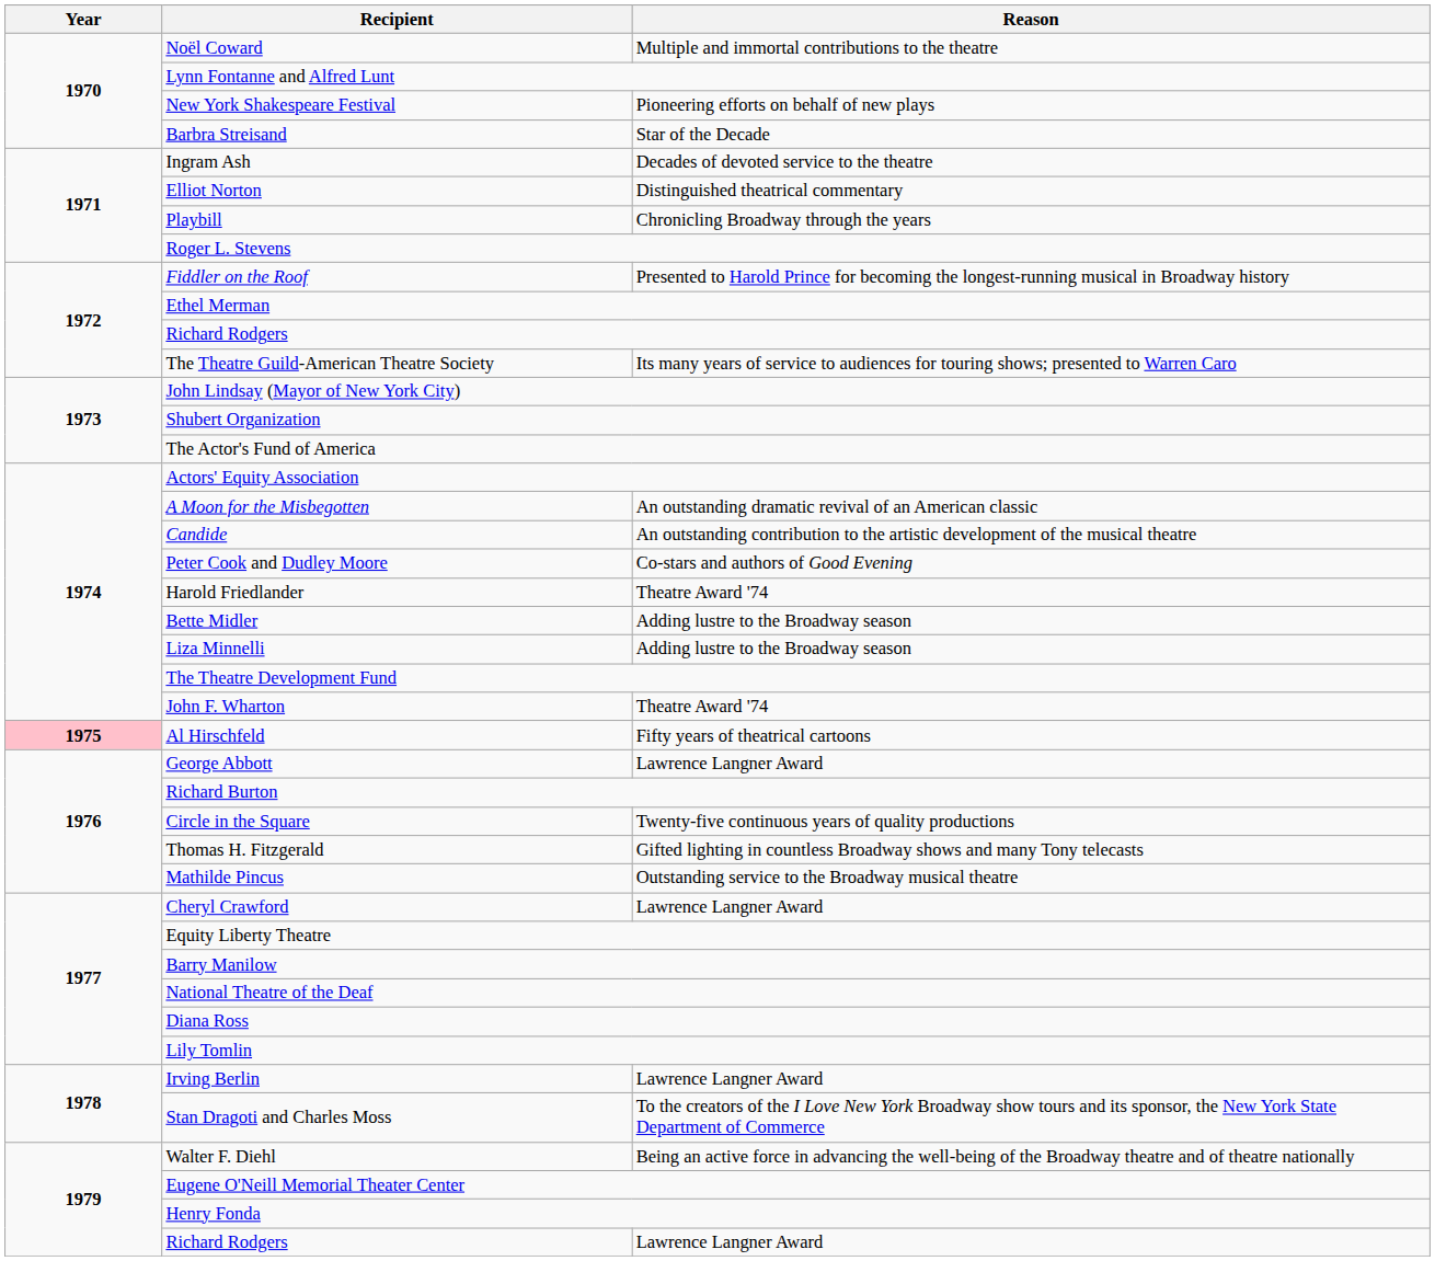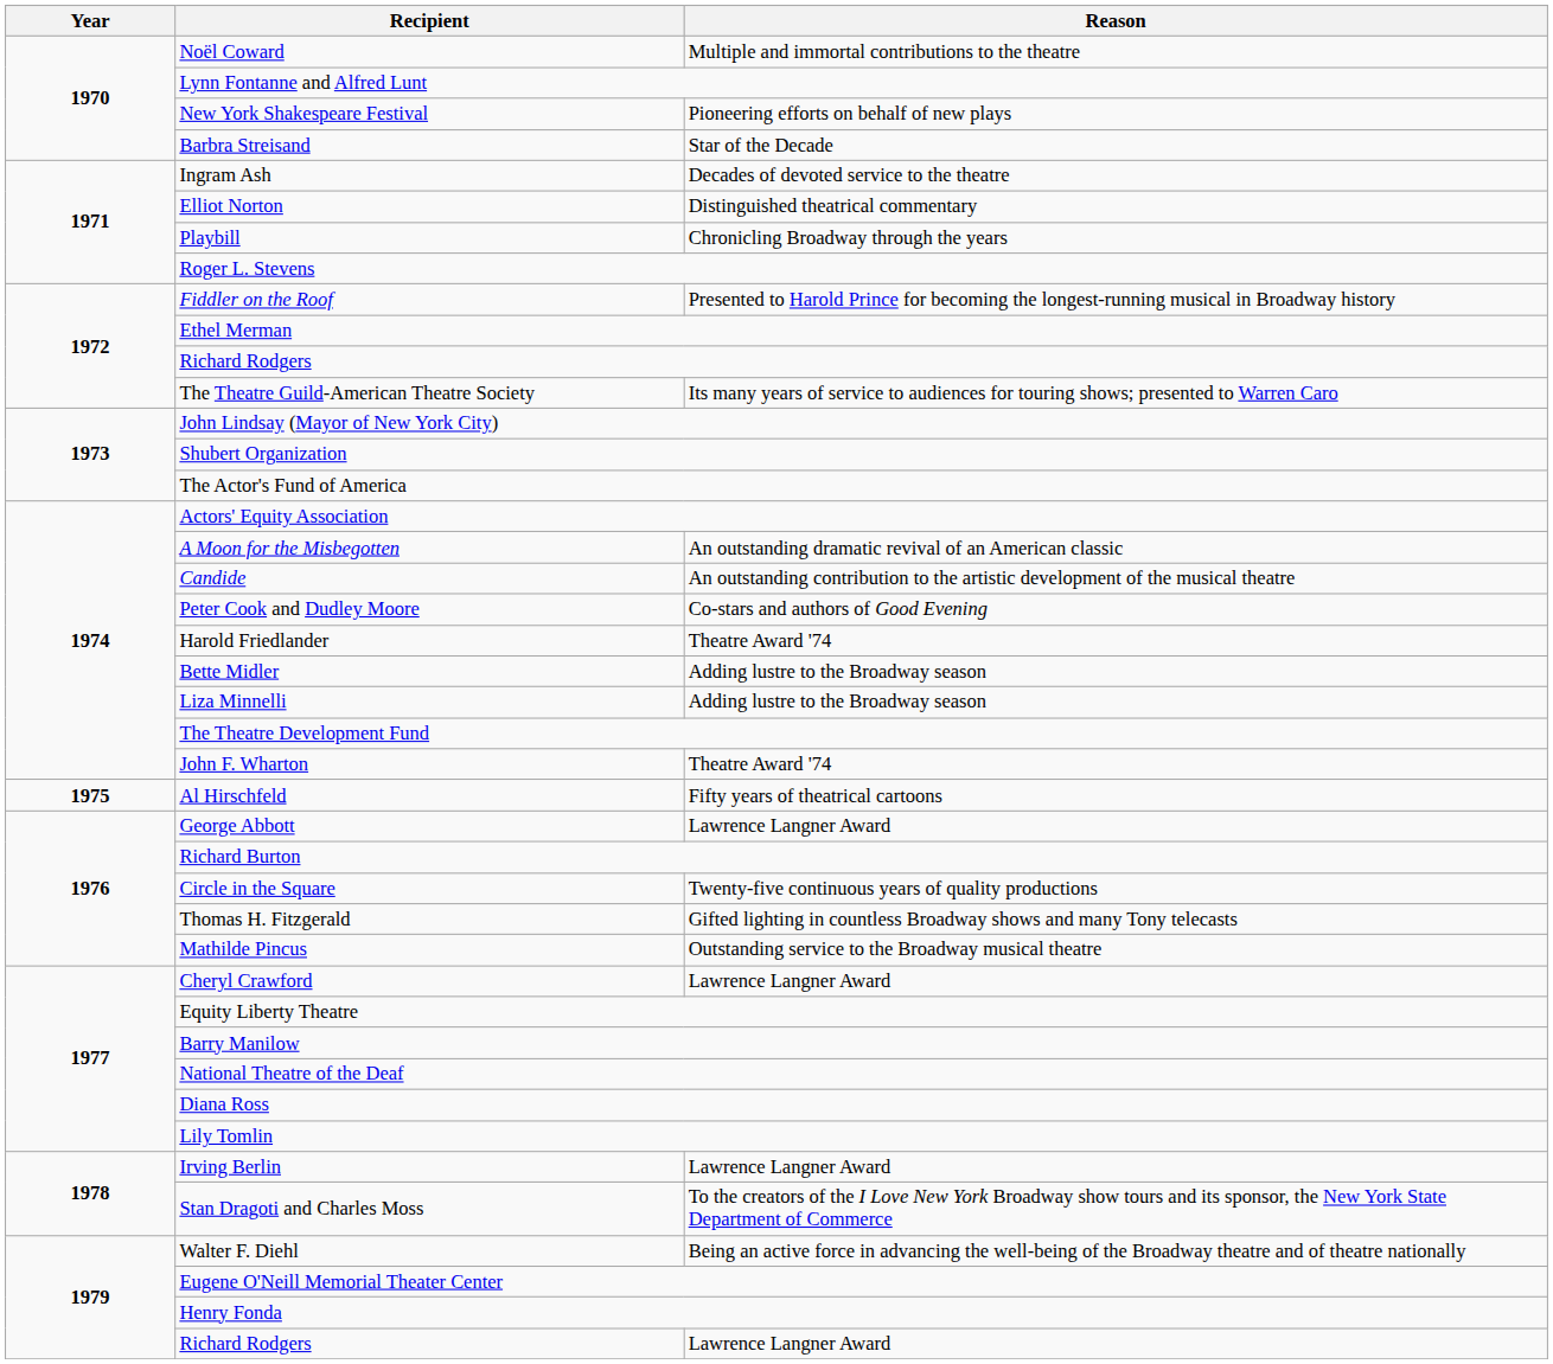 <table class="wikitable" style="width:100%;">
 <tr style="background:#bebebe;">
 <th style="width:11%;">Year</th>
 <th style="width:33%;”">Recipient</th>
 <th style="width:56%;”">Reason</th>
 </tr>
 <tr>
 <td rowspan="4" align="center"><strong>1970</strong><br></td>
 <td><a href='#'>Noël Coward</a></td>
 <td>Multiple and immortal contributions to the theatre</td>
 </tr>
 <tr>
 <td colspan="2"><a href='#'>Lynn Fontanne</a> and <a href='#'>Alfred Lunt</a></td>
 </tr>
 <tr>
 <td><a href='#'>New York Shakespeare Festival</a></td>
 <td>Pioneering efforts on behalf of new plays</td>
 </tr>
 <tr>
 <td><a href='#'>Barbra Streisand</a></td>
 <td>Star of the Decade</td>
 </tr>
 <tr>
 <td rowspan="4" align="center"><strong>1971</strong><br></td>
 <td>Ingram Ash</td>
 <td>Decades of devoted service to the theatre</td>
 </tr>
 <tr>
 <td><a href='#'>Elliot Norton</a></td>
 <td>Distinguished theatrical commentary</td>
 </tr>
 <tr>
 <td><a href='#'>Playbill</a></td>
 <td>Chronicling Broadway through the years</td>
 </tr>
 <tr>
 <td colspan="2"><a href='#'>Roger L. Stevens</a></td>
 </tr>
 <tr>
 <td rowspan="4" align="center"><strong>1972</strong><br></td>
 <td><em><a href='#'>Fiddler on the Roof</a></em></td>
 <td>Presented to <a href='#'>Harold Prince</a> for becoming the longest-running musical in Broadway history</td>
 </tr>
 <tr>
 <td colspan="2"><a href='#'>Ethel Merman</a></td>
 </tr>
 <tr>
 <td colspan="2"><a href='#'>Richard Rodgers</a></td>
 </tr>
 <tr>
 <td>The <a href='#'>Theatre Guild</a>-American Theatre Society</td>
 <td>Its many years of service to audiences for touring shows; presented to <a href='#'>Warren Caro</a></td>
 </tr>
 <tr>
 <td rowspan="3" align="center"><strong>1973</strong><br></td>
 <td colspan="2"><a href='#'>John Lindsay</a> (<a href='#'>Mayor of New York City</a>)</td>
 </tr>
 <tr>
 <td colspan="2"><a href='#'>Shubert Organization</a></td>
 </tr>
 <tr>
 <td colspan="2">The Actor's Fund of America</td>
 </tr>
 <tr>
 <td rowspan="9" align="center"><strong>1974</strong><br></td>
 <td colspan="2"><a href='#'>Actors' Equity Association</a></td>
 </tr>
 <tr>
 <td><em><a href='#'>A Moon for the Misbegotten</a></em></td>
 <td>An outstanding dramatic revival of an American classic</td>
 </tr>
 <tr>
 <td><em><a href='#'>Candide</a></em></td>
 <td>An outstanding contribution to the artistic development of the musical theatre</td>
 </tr>
 <tr>
 <td><a href='#'>Peter Cook</a> and <a href='#'>Dudley Moore</a></td>
 <td>Co-stars and authors of <em>Good Evening</em></td>
 </tr>
 <tr>
 <td>Harold Friedlander</td>
 <td>Theatre Award '74</td>
 </tr>
 <tr>
 <td><a href='#'>Bette Midler</a></td>
 <td>Adding lustre to the Broadway season</td>
 </tr>
 <tr>
 <td><a href='#'>Liza Minnelli</a></td>
 <td>Adding lustre to the Broadway season</td>
 </tr>
 <tr>
 <td colspan="2"><a href='#'>The Theatre Development Fund</a></td>
 </tr>
 <tr>
 <td><a href='#'>John F. Wharton</a></td>
 <td>Theatre Award '74</td>
 </tr>
 <tr>
-<td align="center" style="background: pink;"><strong>1975</strong><br></td>
+<td align="center"><strong>1975</strong><br></td>
 <td><a href='#'>Al Hirschfeld</a></td>
 <td>Fifty years of theatrical cartoons</td>
 </tr>
 <tr>
 <td rowspan="5" align="center"><strong>1976</strong><br></td>
 <td><a href='#'>George Abbott</a></td>
 <td>Lawrence Langner Award</td>
 </tr>
 <tr>
 <td colspan="2"><a href='#'>Richard Burton</a></td>
 </tr>
 <tr>
 <td><a href='#'>Circle in the Square</a></td>
 <td>Twenty-five continuous years of quality productions</td>
 </tr>
 <tr>
 <td>Thomas H. Fitzgerald </td>
 <td>Gifted lighting in countless Broadway shows and many Tony telecasts</td>
 </tr>
 <tr>
 <td><a href='#'>Mathilde Pincus</a></td>
 <td>Outstanding service to the Broadway musical theatre</td>
 </tr>
 <tr>
 <td rowspan="6" align="center"><strong>1977</strong><br></td>
 <td><a href='#'>Cheryl Crawford</a></td>
 <td>Lawrence Langner Award</td>
 </tr>
 <tr>
 <td colspan="2">Equity Liberty Theatre</td>
 </tr>
 <tr>
 <td colspan="2"><a href='#'>Barry Manilow</a></td>
 </tr>
 <tr>
 <td colspan="2"><a href='#'>National Theatre of the Deaf</a></td>
 </tr>
 <tr>
 <td colspan="2"><a href='#'>Diana Ross</a></td>
 </tr>
 <tr>
 <td colspan="2"><a href='#'>Lily Tomlin</a></td>
 </tr>
 <tr>
 <td rowspan="2" align="center"><strong>1978</strong><br></td>
 <td><a href='#'>Irving Berlin</a></td>
 <td>Lawrence Langner Award</td>
 </tr>
 <tr>
 <td><a href='#'>Stan Dragoti</a> and Charles Moss</td>
 <td>To the creators of the <em>I Love New York</em> Broadway show tours and its sponsor, the <a href='#'>New York State Department of Commerce</a></td>
 </tr>
 <tr>
 <td rowspan="4" align="center"><strong>1979</strong><br></td>
 <td>Walter F. Diehl</td>
 <td>Being an active force in advancing the well-being of the Broadway theatre and of theatre nationally</td>
 </tr>
 <tr>
 <td colspan="2"><a href='#'>Eugene O'Neill Memorial Theater Center</a></td>
 </tr>
 <tr>
 <td colspan="2"><a href='#'>Henry Fonda</a></td>
 </tr>
 <tr>
 <td><a href='#'>Richard Rodgers</a></td>
 <td>Lawrence Langner Award</td>
 </tr>
 </table>
